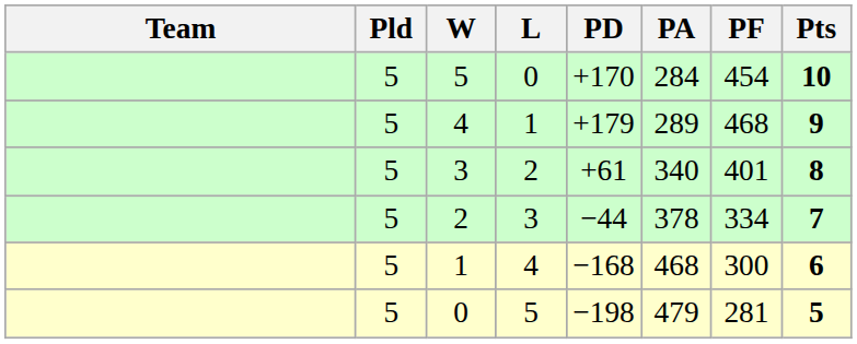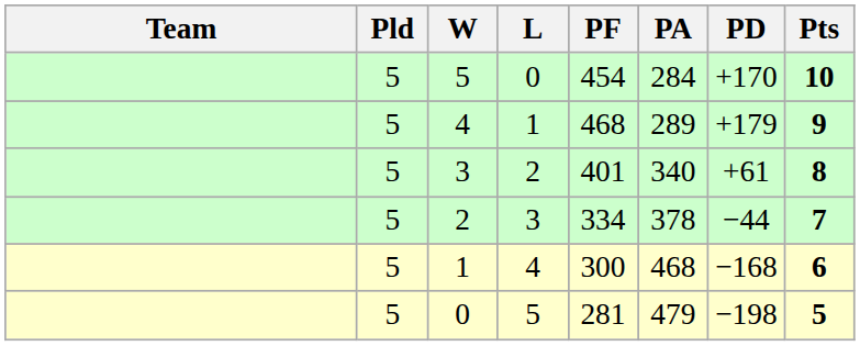 <table class=wikitable style="text-align:center">
 <tr>
 <th width=180>Team</th>
 <th width=30>Pld</th>
 <th width=30>W</th>
 <th width=30>L</th>
+<th width=30>PF</th>
+<th width=30>PA</th>
 <th width=30>PD</th>
-<th width=30>PA</th>
-<th width=30>PF</th>
 <th width=30>Pts</th>
 </tr>
 <tr bgcolor="#ccffcc">
 <td align="left"></td>
 <td>5</td>
 <td>5</td>
 <td>0</td>
+<td>454</td>
+<td>284</td>
 <td>+170</td>
-<td>284</td>
-<td>454</td>
 <td><strong>10</strong></td>
 </tr>
 <tr bgcolor="#ccffcc">
 <td align="left"></td>
 <td>5</td>
 <td>4</td>
 <td>1</td>
+<td>468</td>
+<td>289</td>
 <td>+179</td>
-<td>289</td>
-<td>468</td>
 <td><strong>9</strong></td>
 </tr>
 <tr bgcolor="#ccffcc">
 <td align="left"></td>
 <td>5</td>
 <td>3</td>
 <td>2</td>
+<td>401</td>
+<td>340</td>
 <td>+61</td>
-<td>340</td>
-<td>401</td>
 <td><strong>8</strong></td>
 </tr>
 <tr bgcolor="#ccffcc">
 <td align="left"></td>
 <td>5</td>
 <td>2</td>
 <td>3</td>
+<td>334</td>
+<td>378</td>
 <td>−44</td>
-<td>378</td>
-<td>334</td>
 <td><strong>7</strong></td>
 </tr>
 <tr bgcolor="#ffffcc">
 <td align="left"></td>
 <td>5</td>
 <td>1</td>
 <td>4</td>
+<td>300</td>
+<td>468</td>
 <td>−168</td>
-<td>468</td>
-<td>300</td>
 <td><strong>6</strong></td>
 </tr>
 <tr bgcolor="#ffffcc">
 <td align="left"></td>
 <td>5</td>
 <td>0</td>
 <td>5</td>
+<td>281</td>
+<td>479</td>
 <td>−198</td>
-<td>479</td>
-<td>281</td>
 <td><strong>5</strong></td>
 </tr>
 </table>
